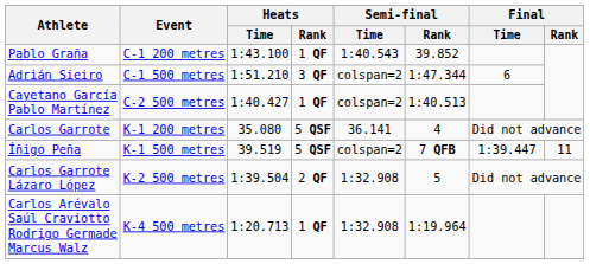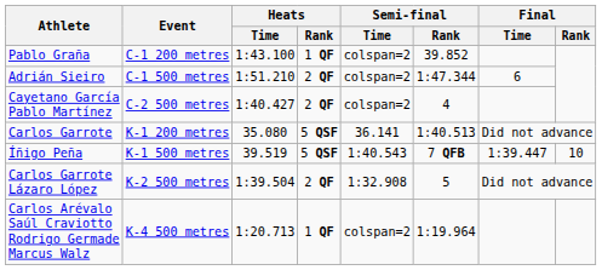 <table class=wikitable style=font-size:90%;text-align:center>
 <tr>
 <th rowspan=2>Athlete</th>
 <th rowspan=2>Event</th>
 <th colspan=2>Heats</th>
 <th colspan=2>Semi-final</th>
 <th colspan=2>Final</th>
 </tr>
 <tr style=font-size:95%>
 <th>Time</th>
 <th>Rank</th>
 <th>Time</th>
 <th>Rank</th>
 <th>Time</th>
 <th>Rank</th>
 </tr>
 <tr>
 <td align=left><a href='#'>Pablo Graña</a></td>
 <td align=left><a href='#'>C-1 200 metres</a></td>
 <td>1:43.100</td>
 <td>1  <strong>QF</strong></td>
-<td>1:40.543</td>
+<td>colspan=2 </td>
 <td>39.852</td>
 <td></td>
 </tr>
 <tr>
 <td align=left><a href='#'>Adrián Sieiro</a></td>
 <td align=left><a href='#'>C-1 500 metres</a></td>
 <td>1:51.210</td>
-<td>3  <strong>QF</strong></td>
+<td>2 <strong>QF</strong></td>
 <td>colspan=2 </td>
 <td>1:47.344</td>
 <td>6</td>
 </tr>
 <tr>
 <td align=left><a href='#'>Cayetano García</a><br><a href='#'>Pablo Martínez</a></td>
 <td align=left><a href='#'>C-2 500 metres</a></td>
 <td>1:40.427</td>
-<td>1 <strong>QF</strong></td>
+<td>2 <strong>QF</strong></td>
 <td>colspan=2 </td>
-<td>1:40.513</td>
+<td>4</td>
 <td></td>
 </tr>
 <tr>
 <td align=left><a href='#'>Carlos Garrote</a></td>
 <td align=left><a href='#'>K-1 200 metres</a></td>
 <td>35.080</td>
 <td>5 <strong>QSF</strong></td>
 <td>36.141</td>
-<td>4</td>
+<td>1:40.513</td>
 <td colspan=2>Did not advance</td>
 </tr>
 <tr>
 <td align=left><a href='#'>Íñigo Peña</a></td>
 <td align=left><a href='#'>K-1 500 metres</a></td>
 <td>39.519</td>
 <td>5 <strong>QSF</strong></td>
-<td>colspan=2 </td>
+<td>1:40.543</td>
 <td>7 <strong>QFB</strong></td>
 <td>1:39.447</td>
-<td>11</td>
+<td>10</td>
 </tr>
 <tr>
 <td align=left><a href='#'>Carlos Garrote</a><br><a href='#'>Lázaro López</a></td>
 <td align=left><a href='#'>K-2 500 metres</a></td>
 <td>1:39.504</td>
 <td>2 <strong>QF</strong></td>
 <td>1:32.908</td>
 <td>5</td>
 <td colspan=2>Did not advance</td>
 </tr>
 <tr>
 <td align=left><a href='#'>Carlos Arévalo</a><br><a href='#'>Saúl Craviotto</a><br><a href='#'>Rodrigo Germade</a><br><a href='#'>Marcus Walz</a></td>
 <td align=left><a href='#'>K-4 500 metres</a></td>
 <td>1:20.713</td>
 <td>1 <strong>QF</strong></td>
-<td>1:32.908</td>
+<td>colspan=2 </td>
 <td>1:19.964</td>
 <td></td>
 </tr>
 </table>
